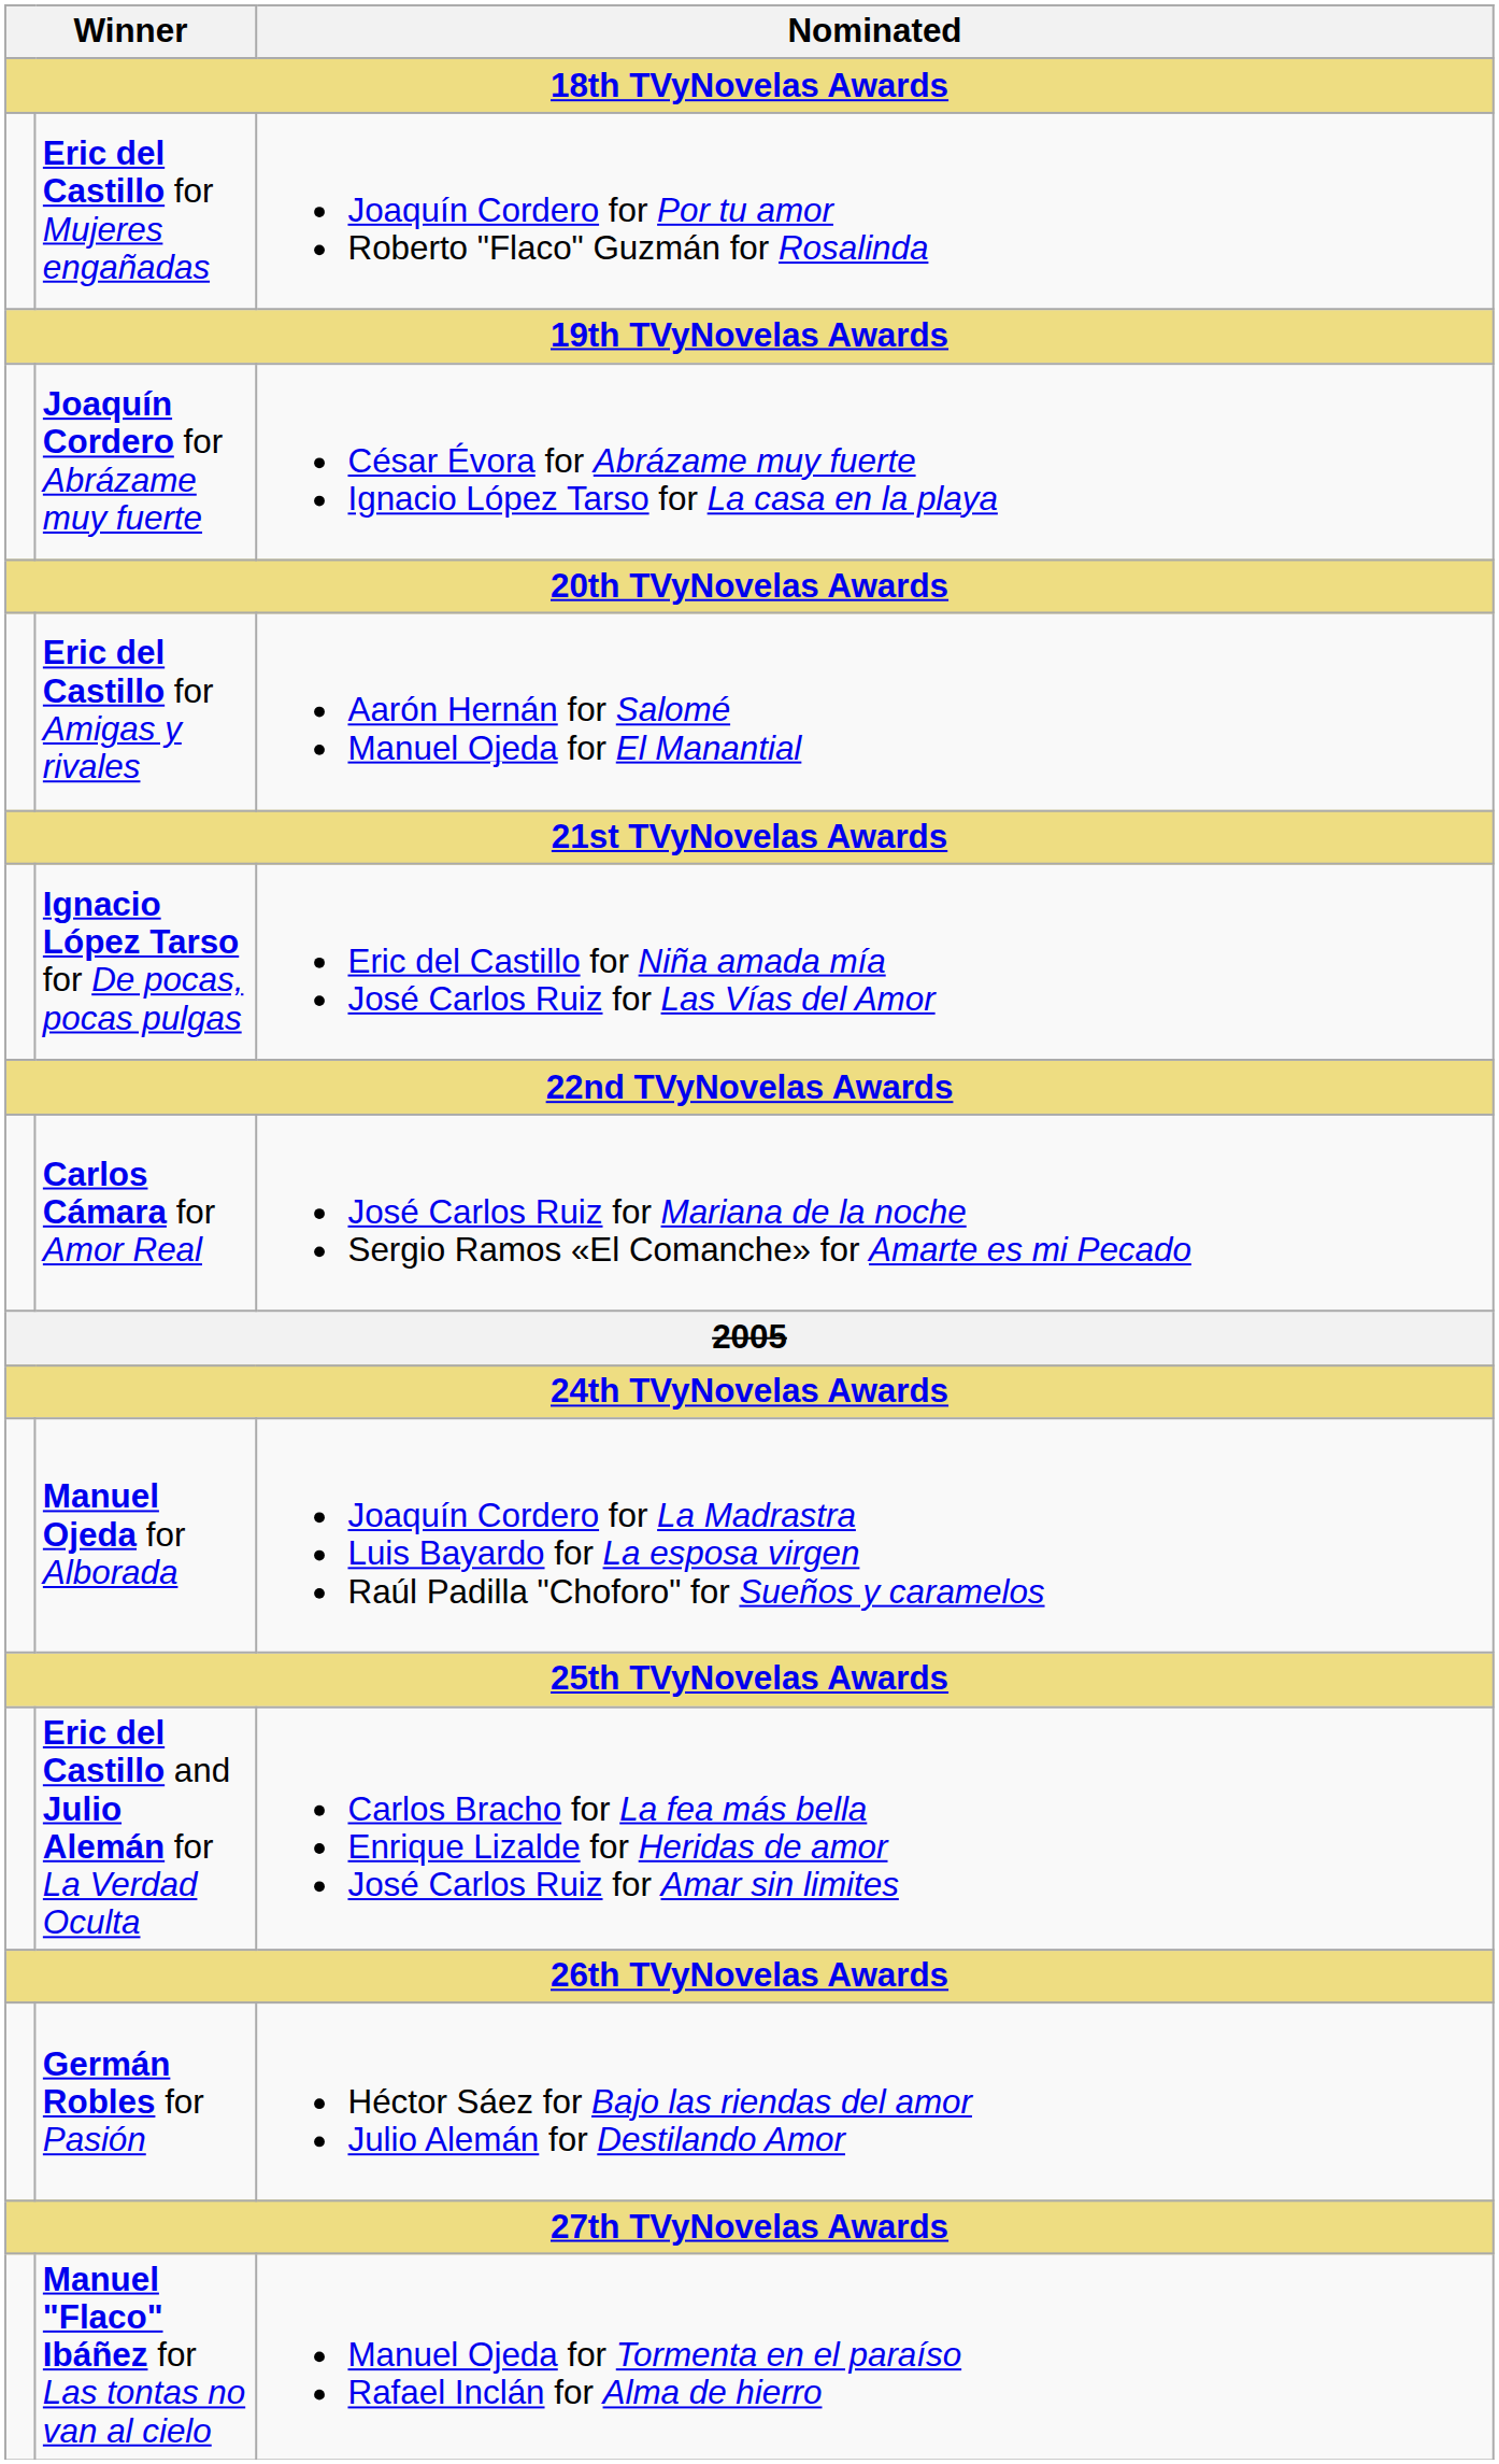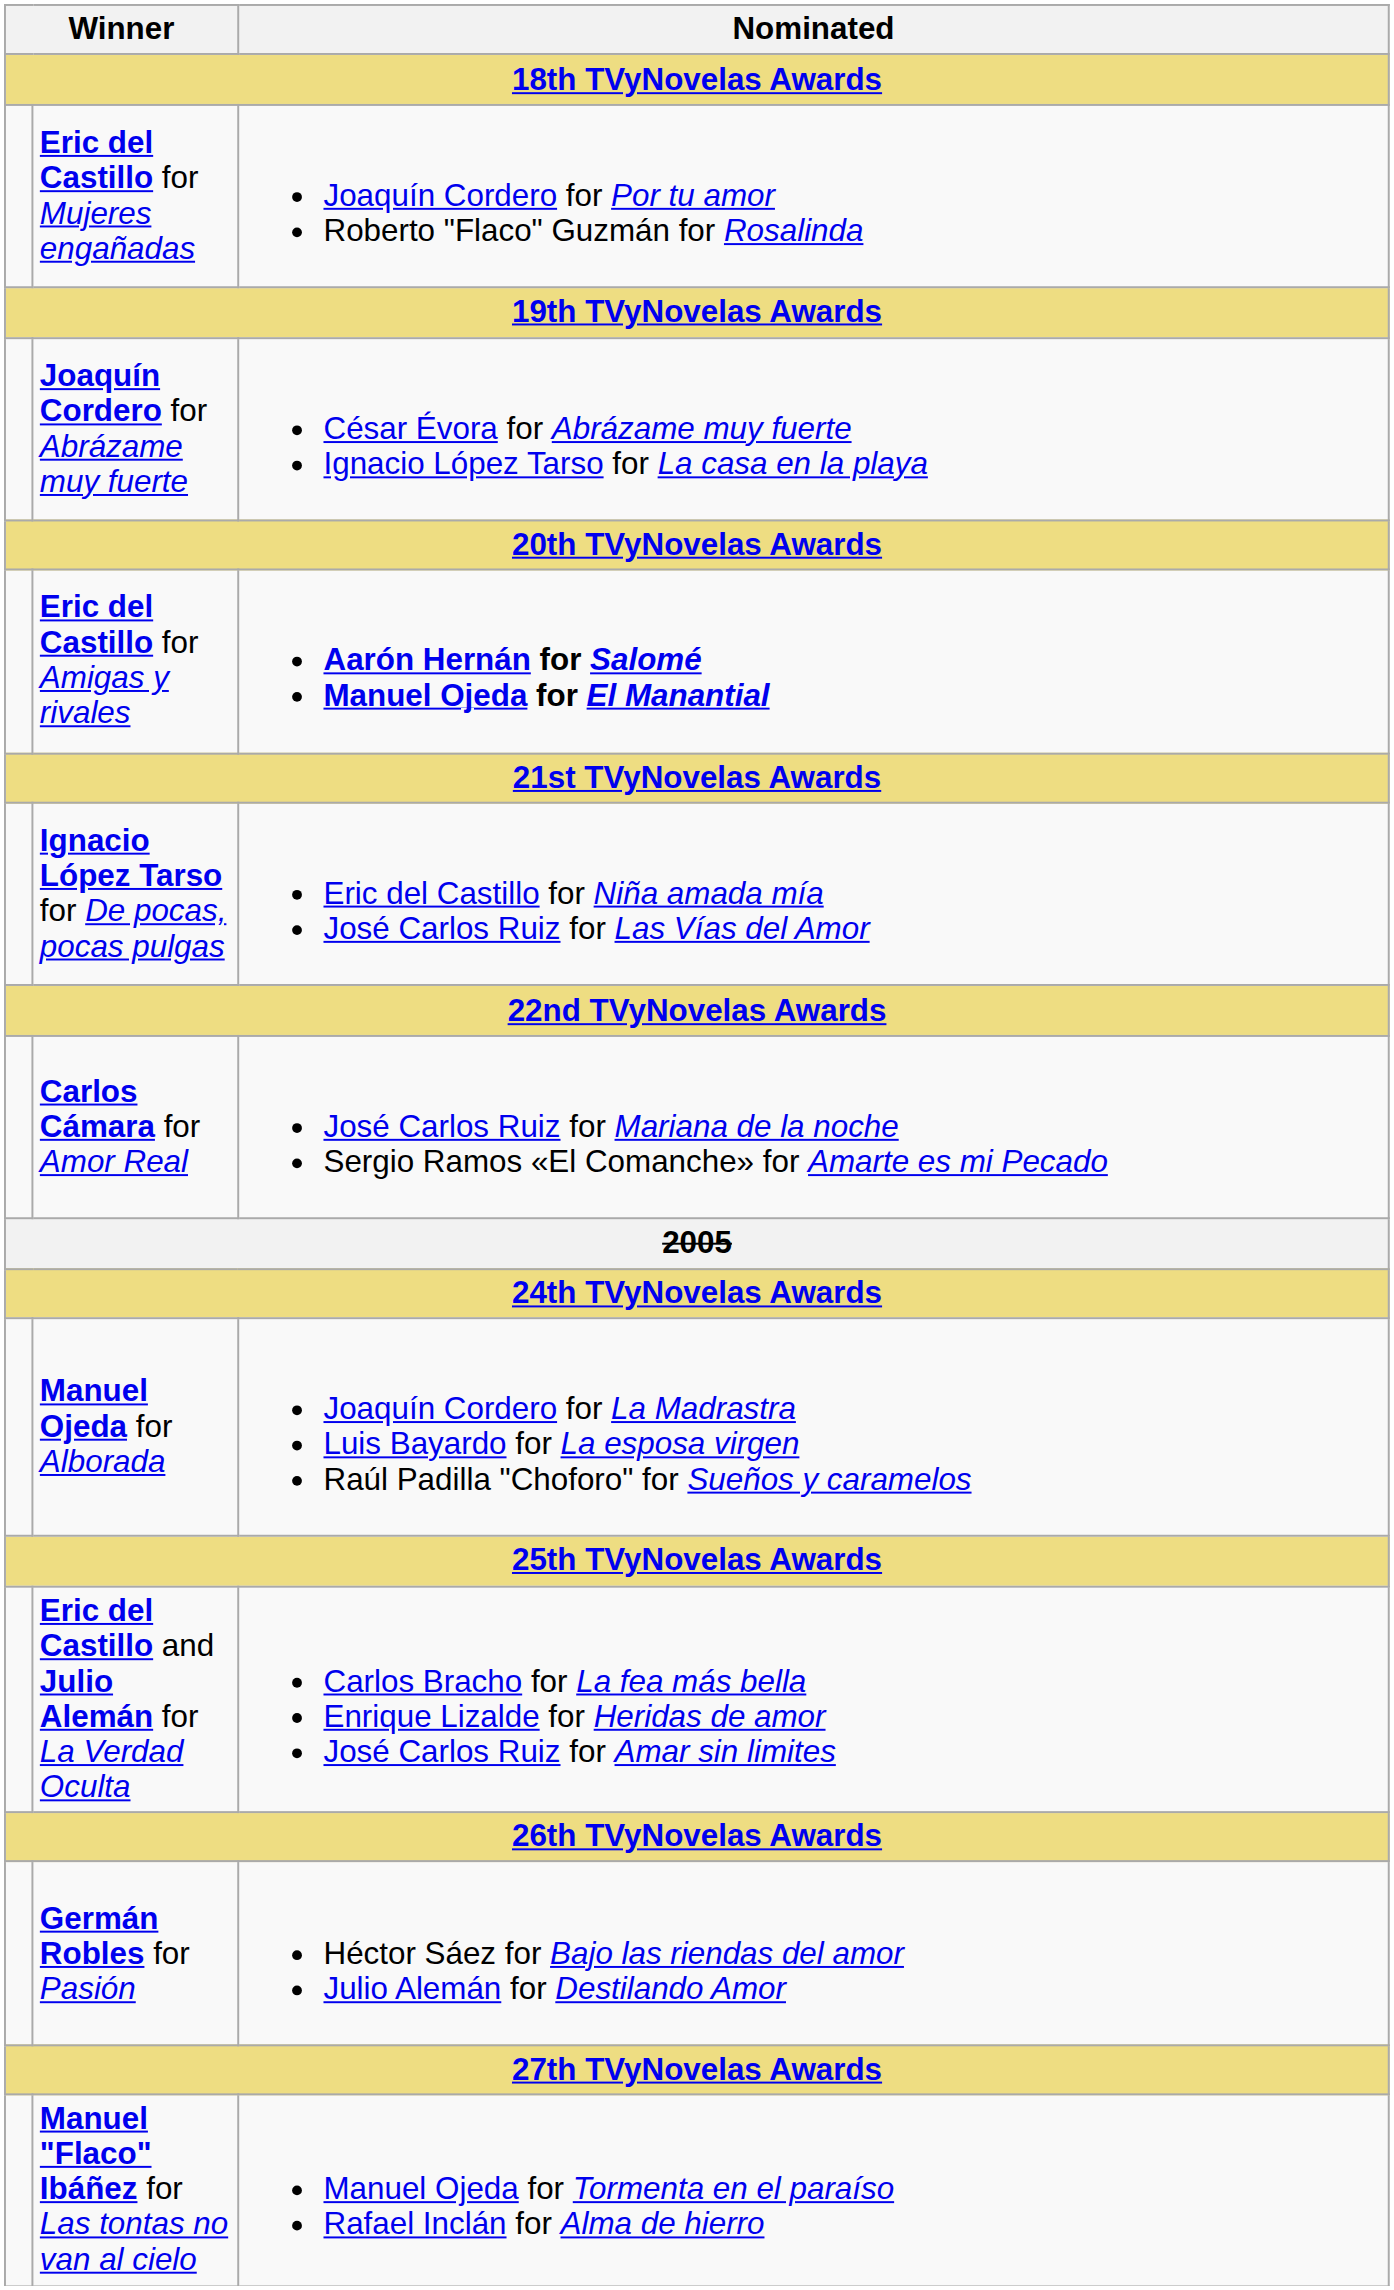 <table class="wikitable" width=80%>
 <tr align=center>
 <th width="150px;" colspan=2; align="center">Winner</th>
 <th width="580px;" align="center">Nominated</th>
 </tr>
 <tr>
 <th colspan=9 style="background:#EEDD82;"  align="center"><strong><a href='#'>18th TVyNovelas Awards</a></strong></th>
 </tr>
 <tr>
 <td width=2%></td>
 <td><strong><a href='#'>Eric del Castillo</a></strong> for <em><a href='#'>Mujeres engañadas</a></em></td>
 <td><br><ul><li><a href='#'>Joaquín Cordero</a> for <em><a href='#'>Por tu amor</a></em></li><li>Roberto "Flaco" Guzmán for <em><a href='#'>Rosalinda</a></em></li></ul></td>
 </tr>
 <tr>
 <th colspan=9 style="background:#EEDD82;"  align="center"><strong><a href='#'>19th TVyNovelas Awards</a></strong></th>
 </tr>
 <tr>
 <td width=2%></td>
 <td><strong><a href='#'>Joaquín Cordero</a></strong> for <em><a href='#'>Abrázame muy fuerte</a></em></td>
 <td><br><ul><li><a href='#'>César Évora</a> for <em><a href='#'>Abrázame muy fuerte</a></em></li><li><a href='#'>Ignacio López Tarso</a> for <em><a href='#'>La casa en la playa</a></em></li></ul></td>
 </tr>
 <tr>
 <th colspan=9 style="background:#EEDD82;"  align="center"><strong><a href='#'>20th TVyNovelas Awards</a></strong></th>
 </tr>
 <tr>
 <td width=2%></td>
 <td><strong><a href='#'>Eric del Castillo</a></strong> for <em><a href='#'>Amigas y rivales</a></em></td>
-<td><br><ul><li><a href='#'>Aarón Hernán</a> for <em><a href='#'>Salomé</a></em></li><li><a href='#'>Manuel Ojeda</a> for <em><a href='#'>El Manantial</a></em></li></ul></td>
+<td><strong><br><ul><li><a href='#'>Aarón Hernán</a> for <em><a href='#'>Salomé</a></em></li><li><a href='#'>Manuel Ojeda</a> for <em><a href='#'>El Manantial</a></em></li></ul></strong></td>
 </tr>
 <tr>
 <th colspan=9 style="background:#EEDD82;"  align="center"><strong><a href='#'>21st TVyNovelas Awards</a></strong></th>
 </tr>
 <tr>
 <td width=2%></td>
 <td><strong><a href='#'>Ignacio López Tarso</a></strong> for <em><a href='#'>De pocas, pocas pulgas</a></em></td>
 <td><br><ul><li><a href='#'>Eric del Castillo</a> for <em><a href='#'>Niña amada mía</a></em></li><li><a href='#'>José Carlos Ruiz</a> for <em><a href='#'>Las Vías del Amor</a></em></li></ul></td>
 </tr>
 <tr>
 <th colspan=9 style="background:#EEDD82;"  align="center"><strong><a href='#'>22nd TVyNovelas Awards</a></strong></th>
 </tr>
 <tr>
 <td width=2%></td>
 <td><strong><a href='#'>Carlos Cámara</a></strong> for <em><a href='#'>Amor Real</a></em></td>
 <td><br><ul><li><a href='#'>José Carlos Ruiz</a> for <em><a href='#'>Mariana de la noche</a></em></li><li>Sergio Ramos «El Comanche» for <em><a href='#'>Amarte es mi Pecado</a></em></li></ul></td>
 </tr>
 <tr>
 <th colspan=9 align="center"><s>2005</s></th>
 </tr>
 <tr>
 <th colspan=9 style="background:#EEDD82;"  align="center"><strong><a href='#'>24th TVyNovelas Awards</a></strong></th>
 </tr>
 <tr>
 <td width=2%></td>
 <td><strong><a href='#'>Manuel Ojeda</a></strong> for <em><a href='#'>Alborada</a></em></td>
 <td><br><ul><li><a href='#'>Joaquín Cordero</a> for <em><a href='#'>La Madrastra</a></em></li><li><a href='#'>Luis Bayardo</a> for <em><a href='#'>La esposa virgen</a></em></li><li>Raúl Padilla "Choforo" for <em><a href='#'>Sueños y caramelos</a></em></li></ul></td>
 </tr>
 <tr>
 <th colspan=9 style="background:#EEDD82;"  align="center"><strong><a href='#'>25th TVyNovelas Awards</a></strong></th>
 </tr>
 <tr>
 <td width=2%></td>
 <td><strong><a href='#'>Eric del Castillo</a></strong> and <strong><a href='#'>Julio Alemán</a></strong> for <em><a href='#'>La Verdad Oculta</a></em></td>
 <td><br><ul><li><a href='#'>Carlos Bracho</a> for <em><a href='#'>La fea más bella</a></em></li><li><a href='#'>Enrique Lizalde</a> for <em><a href='#'>Heridas de amor</a></em></li><li><a href='#'>José Carlos Ruiz</a> for <em><a href='#'>Amar sin limites</a></em></li></ul></td>
 </tr>
 <tr>
 <th colspan=9 style="background:#EEDD82;"  align="center"><strong><a href='#'>26th TVyNovelas Awards</a></strong></th>
 </tr>
 <tr>
 <td width=2%></td>
 <td><strong><a href='#'>Germán Robles</a></strong> for <em><a href='#'>Pasión</a></em></td>
 <td><br><ul><li>Héctor Sáez for <em><a href='#'>Bajo las riendas del amor</a></em></li><li><a href='#'>Julio Alemán</a> for <em><a href='#'>Destilando Amor</a></em></li></ul></td>
 </tr>
 <tr>
 <th colspan=9 style="background:#EEDD82;"  align="center"><strong><a href='#'>27th TVyNovelas Awards</a></strong></th>
 </tr>
 <tr>
 <td width=2%></td>
 <td><strong><a href='#'>Manuel "Flaco" Ibáñez</a></strong> for <em><a href='#'>Las tontas no van al cielo</a></em></td>
 <td><br><ul><li><a href='#'>Manuel Ojeda</a> for <em><a href='#'>Tormenta en el paraíso</a></em></li><li><a href='#'>Rafael Inclán</a> for <em><a href='#'>Alma de hierro</a></em></li></ul></td>
 </tr>
 </table>
